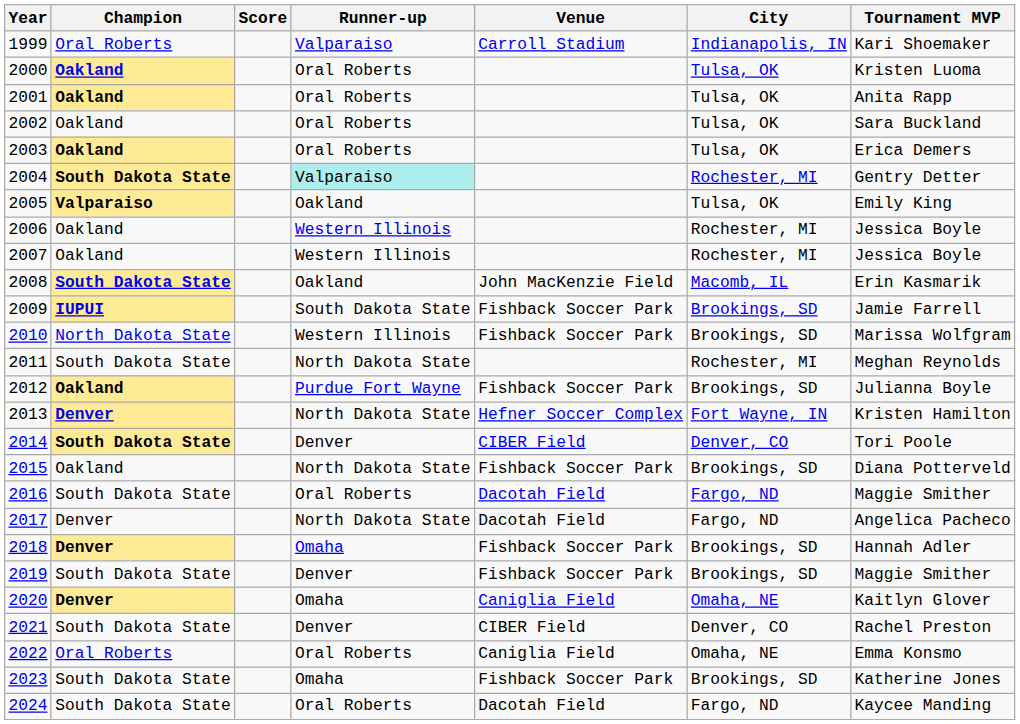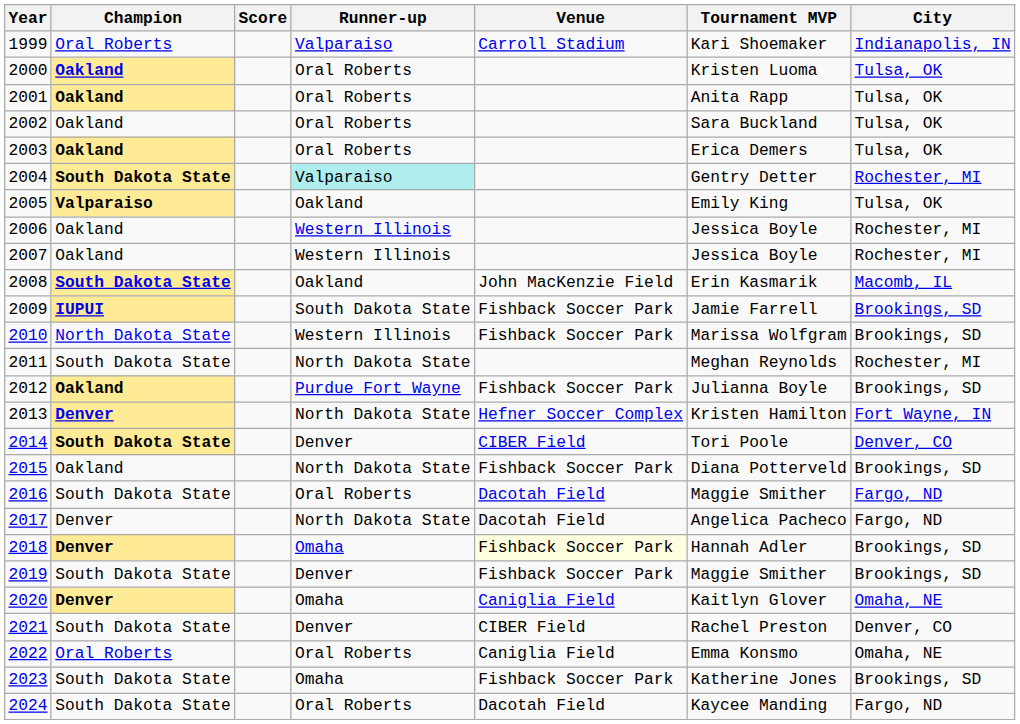 <table class="wikitable sortable" style="font-size: %;">
 <tr>
 <th>Year</th>
 <th>Champion</th>
 <th>Score</th>
 <th>Runner-up</th>
 <th>Venue</th>
+<th>Tournament MVP</th>
 <th>City</th>
-<th>Tournament MVP</th>
 </tr>
 <tr>
 <td>1999</td>
 <td><a href='#'>Oral Roberts</a> </td>
 <td></td>
 <td><a href='#'>Valparaiso</a></td>
 <td><a href='#'>Carroll Stadium</a></td>
+<td>Kari Shoemaker </td>
 <td><a href='#'>Indianapolis, IN</a></td>
-<td>Kari Shoemaker </td>
 </tr>
 <tr>
 <td>2000</td>
 <td bgcolor=#FFEA96><strong><a href='#'>Oakland</a></strong> </td>
 <td></td>
 <td>Oral Roberts</td>
 <td></td>
+<td>Kristen Luoma </td>
 <td><a href='#'>Tulsa, OK</a></td>
-<td>Kristen Luoma </td>
 </tr>
 <tr>
 <td>2001</td>
 <td bgcolor=#FFEA96><strong>Oakland</strong> </td>
 <td></td>
 <td>Oral Roberts</td>
 <td></td>
+<td>Anita Rapp </td>
 <td>Tulsa, OK</td>
-<td>Anita Rapp </td>
 </tr>
 <tr>
 <td>2002</td>
 <td>Oakland </td>
 <td></td>
 <td>Oral Roberts</td>
 <td></td>
+<td>Sara Buckland </td>
 <td>Tulsa, OK</td>
-<td>Sara Buckland </td>
 </tr>
 <tr>
 <td>2003</td>
 <td bgcolor=#FFEA96><strong>Oakland</strong> </td>
 <td></td>
 <td>Oral Roberts</td>
 <td></td>
+<td>Erica Demers </td>
 <td>Tulsa, OK</td>
-<td>Erica Demers </td>
 </tr>
 <tr>
 <td>2004</td>
 <td bgcolor=#FFEA96><strong>South Dakota State</strong> </td>
 <td></td>
 <td style="background: paleturquoise;">Valparaiso</td>
 <td></td>
+<td>Gentry Detter </td>
 <td><a href='#'>Rochester, MI</a></td>
-<td>Gentry Detter </td>
 </tr>
 <tr>
 <td>2005</td>
 <td bgcolor=#FFEA96><strong>Valparaiso</strong> </td>
 <td></td>
 <td>Oakland</td>
 <td></td>
+<td>Emily King </td>
 <td>Tulsa, OK</td>
-<td>Emily King </td>
 </tr>
 <tr>
 <td>2006</td>
 <td>Oakland </td>
 <td></td>
 <td><a href='#'>Western Illinois</a></td>
 <td></td>
+<td>Jessica Boyle </td>
 <td>Rochester, MI</td>
-<td>Jessica Boyle </td>
 </tr>
 <tr>
 <td>2007</td>
 <td>Oakland </td>
 <td></td>
 <td>Western Illinois</td>
 <td></td>
+<td>Jessica Boyle </td>
 <td>Rochester, MI</td>
-<td>Jessica Boyle </td>
 </tr>
 <tr>
 <td>2008</td>
 <td bgcolor=#FFEA96><strong><a href='#'>South Dakota State</a></strong> </td>
 <td></td>
 <td>Oakland</td>
 <td>John MacKenzie Field</td>
+<td>Erin Kasmarik </td>
 <td><a href='#'>Macomb, IL</a></td>
-<td>Erin Kasmarik </td>
 </tr>
 <tr>
 <td>2009</td>
 <td bgcolor=#FFEA96><strong><a href='#'>IUPUI</a></strong> </td>
 <td></td>
 <td>South Dakota State</td>
 <td>Fishback Soccer Park</td>
+<td>Jamie Farrell </td>
 <td><a href='#'>Brookings, SD</a></td>
-<td>Jamie Farrell </td>
 </tr>
 <tr>
 <td><a href='#'>2010</a></td>
 <td><a href='#'>North Dakota State</a> </td>
 <td></td>
 <td>Western Illinois</td>
 <td>Fishback Soccer Park</td>
+<td>Marissa Wolfgram </td>
 <td>Brookings, SD</td>
-<td>Marissa Wolfgram </td>
 </tr>
 <tr>
 <td>2011</td>
 <td>South Dakota State </td>
 <td></td>
 <td>North Dakota State</td>
 <td></td>
+<td>Meghan Reynolds </td>
 <td>Rochester, MI</td>
-<td>Meghan Reynolds </td>
 </tr>
 <tr>
 <td>2012</td>
 <td bgcolor=#FFEA96><strong>Oakland</strong> </td>
 <td></td>
 <td><a href='#'>Purdue Fort Wayne</a></td>
 <td>Fishback Soccer Park</td>
+<td>Julianna Boyle </td>
 <td>Brookings, SD</td>
-<td>Julianna Boyle </td>
 </tr>
 <tr>
 <td>2013</td>
 <td bgcolor=#FFEA96><strong><a href='#'>Denver</a></strong> </td>
 <td></td>
 <td>North Dakota State</td>
 <td><a href='#'>Hefner Soccer Complex</a></td>
+<td>Kristen Hamilton </td>
 <td><a href='#'>Fort Wayne, IN</a></td>
-<td>Kristen Hamilton </td>
 </tr>
 <tr>
 <td><a href='#'>2014</a></td>
 <td bgcolor=#FFEA96><strong>South Dakota State</strong> </td>
 <td></td>
 <td>Denver</td>
 <td><a href='#'>CIBER Field</a></td>
+<td>Tori Poole </td>
 <td><a href='#'>Denver, CO</a></td>
-<td>Tori Poole </td>
 </tr>
 <tr>
 <td><a href='#'>2015</a></td>
 <td>Oakland </td>
 <td></td>
 <td>North Dakota State</td>
 <td>Fishback Soccer Park</td>
+<td>Diana Potterveld </td>
 <td>Brookings, SD</td>
-<td>Diana Potterveld </td>
 </tr>
 <tr>
 <td><a href='#'>2016</a></td>
 <td>South Dakota State </td>
 <td></td>
 <td>Oral Roberts</td>
 <td><a href='#'>Dacotah Field</a></td>
+<td>Maggie Smither </td>
 <td><a href='#'>Fargo, ND</a></td>
-<td>Maggie Smither </td>
 </tr>
 <tr>
 <td><a href='#'>2017</a></td>
 <td>Denver </td>
 <td></td>
 <td>North Dakota State</td>
 <td>Dacotah Field</td>
+<td>Angelica Pacheco </td>
 <td>Fargo, ND</td>
-<td>Angelica Pacheco </td>
 </tr>
 <tr>
 <td><a href='#'>2018</a></td>
 <td bgcolor=#FFEA96><strong>Denver</strong> </td>
 <td></td>
 <td><a href='#'>Omaha</a></td>
-<td>Fishback Soccer Park</td>
+<td style="background: lightyellow;">Fishback Soccer Park</td>
+<td>Hannah Adler </td>
 <td>Brookings, SD</td>
-<td>Hannah Adler </td>
 </tr>
 <tr>
 <td><a href='#'>2019</a></td>
 <td>South Dakota State </td>
 <td></td>
 <td>Denver</td>
 <td>Fishback Soccer Park</td>
+<td>Maggie Smither </td>
 <td>Brookings, SD</td>
-<td>Maggie Smither </td>
 </tr>
 <tr>
 <td><a href='#'>2020</a></td>
 <td bgcolor=#FFEA96><strong>Denver</strong> </td>
 <td></td>
 <td>Omaha</td>
 <td><a href='#'>Caniglia Field</a></td>
+<td>Kaitlyn Glover </td>
 <td><a href='#'>Omaha, NE</a></td>
-<td>Kaitlyn Glover </td>
 </tr>
 <tr>
 <td><a href='#'>2021</a></td>
 <td>South Dakota State </td>
 <td></td>
 <td>Denver</td>
 <td>CIBER Field</td>
+<td>Rachel Preston </td>
 <td>Denver, CO</td>
-<td>Rachel Preston </td>
 </tr>
 <tr>
 <td><a href='#'>2022</a></td>
 <td><a href='#'>Oral Roberts</a> </td>
 <td></td>
 <td>Oral Roberts</td>
 <td>Caniglia Field</td>
+<td>Emma Konsmo </td>
 <td>Omaha, NE</td>
-<td>Emma Konsmo </td>
 </tr>
 <tr>
 <td><a href='#'>2023</a></td>
 <td>South Dakota State </td>
 <td></td>
 <td>Omaha</td>
 <td>Fishback Soccer Park</td>
+<td>Katherine Jones </td>
 <td>Brookings, SD</td>
-<td>Katherine Jones </td>
 </tr>
 <tr>
 <td><a href='#'>2024</a></td>
 <td>South Dakota State </td>
 <td></td>
 <td>Oral Roberts</td>
 <td>Dacotah Field</td>
+<td>Kaycee Manding </td>
 <td>Fargo, ND</td>
-<td>Kaycee Manding </td>
 </tr>
 </table>
